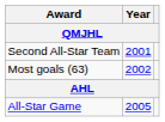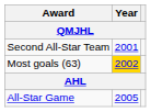 <table class="wikitable">
 <tr>
 <th>Award</th>
 <th>Year</th>
 <th></th>
 </tr>
 <tr ALIGN="center" bgcolor="#e0e0e0">
 <th colspan="3"><a href='#'>QMJHL</a></th>
 </tr>
 <tr>
 <td>Second All-Star Team</td>
 <td><a href='#'>2001</a></td>
 <td></td>
 </tr>
 <tr>
 <td>Most goals (63)</td>
-<td><a href='#'>2002</a></td>
+<td style="background: gold;"><a href='#'>2002</a></td>
 <td></td>
 </tr>
 <tr ALIGN="center" bgcolor="#e0e0e0">
 <th colspan="3"><a href='#'>AHL</a></th>
 </tr>
 <tr>
 <td><a href='#'>All-Star Game</a></td>
 <td><a href='#'>2005</a></td>
 <td></td>
 </tr>
 </table>
